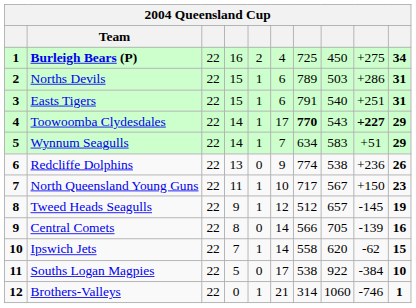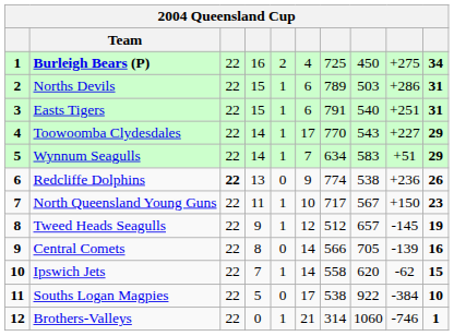 <table class="wikitable" style="text-align:center;">
 <tr>
 <th colspan="11">2004 Queensland Cup</th>
 </tr>
 <tr>
 <th width="20"></th>
 <th>Team</th>
 <th width="20"></th>
 <th width="20"></th>
 <th width="20"></th>
 <th width="20"></th>
 <th width="25"></th>
 <th width="25"></th>
 <th width="30"></th>
 <th width="20"></th>
 </tr>
 <tr style="background: #ccffcc;">
 <td><strong>1</strong></td>
 <td style="text-align:left;"> <strong><a href='#'>Burleigh Bears</a> (P)</strong></td>
 <td>22</td>
 <td>16</td>
 <td>2</td>
 <td>4</td>
 <td>725</td>
 <td>450</td>
 <td>+275</td>
 <td><strong>34</strong></td>
 </tr>
 <tr style="background: #ccffcc;">
 <td><strong>2</strong></td>
 <td style="text-align:left;"> <a href='#'>Norths Devils</a></td>
 <td>22</td>
 <td>15</td>
 <td>1</td>
 <td>6</td>
 <td>789</td>
 <td>503</td>
 <td>+286</td>
 <td><strong>31</strong></td>
 </tr>
 <tr style="background: #ccffcc;">
 <td><strong>3</strong></td>
 <td style="text-align:left;"> <a href='#'>Easts Tigers</a></td>
 <td>22</td>
 <td>15</td>
 <td>1</td>
 <td>6</td>
 <td>791</td>
 <td>540</td>
 <td>+251</td>
 <td><strong>31</strong></td>
 </tr>
 <tr style="background: #ccffcc;">
 <td><strong>4</strong></td>
 <td style="text-align:left;"> <a href='#'>Toowoomba Clydesdales</a></td>
 <td>22</td>
 <td>14</td>
 <td>1</td>
 <td>17</td>
-<td><strong>770</strong></td>
+<td>770</td>
 <td>543</td>
-<td><strong>+227</strong></td>
+<td>+227</td>
 <td><strong>29</strong></td>
 </tr>
 <tr style="background: #ccffcc;">
 <td><strong>5</strong></td>
 <td style="text-align:left;"> <a href='#'>Wynnum Seagulls</a></td>
 <td>22</td>
 <td>14</td>
 <td>1</td>
 <td>7</td>
 <td>634</td>
 <td>583</td>
 <td>+51</td>
 <td><strong>29</strong></td>
 </tr>
 <tr style="background:">
 <td><strong>6</strong></td>
 <td style="text-align:left;"> <a href='#'>Redcliffe Dolphins</a></td>
-<td>22</td>
+<td><strong>22</strong></td>
 <td>13</td>
 <td>0</td>
 <td>9</td>
 <td>774</td>
 <td>538</td>
 <td>+236</td>
 <td><strong>26</strong></td>
 </tr>
 <tr style="background:">
 <td><strong>7</strong></td>
 <td style="text-align:left;"> <a href='#'>North Queensland Young Guns</a></td>
 <td>22</td>
 <td>11</td>
 <td>1</td>
 <td>10</td>
 <td>717</td>
 <td>567</td>
 <td>+150</td>
 <td><strong>23</strong></td>
 </tr>
 <tr style="background:">
 <td><strong>8</strong></td>
 <td style="text-align:left;"> <a href='#'>Tweed Heads Seagulls</a></td>
 <td>22</td>
 <td>9</td>
 <td>1</td>
 <td>12</td>
 <td>512</td>
 <td>657</td>
 <td>-145</td>
 <td><strong>19</strong></td>
 </tr>
 <tr style="background:">
 <td><strong>9</strong></td>
 <td style="text-align:left;"> <a href='#'>Central Comets</a></td>
 <td>22</td>
 <td>8</td>
 <td>0</td>
 <td>14</td>
 <td>566</td>
 <td>705</td>
 <td>-139</td>
 <td><strong>16</strong></td>
 </tr>
 <tr style="background:">
 <td><strong>10</strong></td>
 <td style="text-align:left;"> <a href='#'>Ipswich Jets</a></td>
 <td>22</td>
 <td>7</td>
 <td>1</td>
 <td>14</td>
 <td>558</td>
 <td>620</td>
 <td>-62</td>
 <td><strong>15</strong></td>
 </tr>
 <tr style="background:">
 <td><strong>11</strong></td>
 <td style="text-align:left;"> <a href='#'>Souths Logan Magpies</a></td>
 <td>22</td>
 <td>5</td>
 <td>0</td>
 <td>17</td>
 <td>538</td>
 <td>922</td>
 <td>-384</td>
 <td><strong>10</strong></td>
 </tr>
 <tr style="background:">
 <td><strong>12</strong></td>
 <td style="text-align:left;"> <a href='#'>Brothers-Valleys</a></td>
 <td>22</td>
 <td>0</td>
 <td>1</td>
 <td>21</td>
 <td>314</td>
 <td>1060</td>
 <td>-746</td>
 <td><strong>1</strong></td>
 </tr>
 </table>
